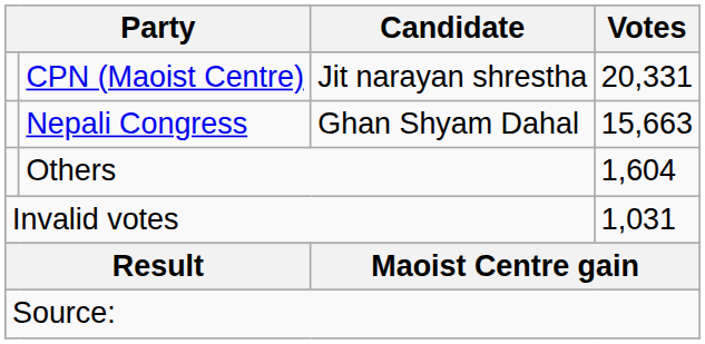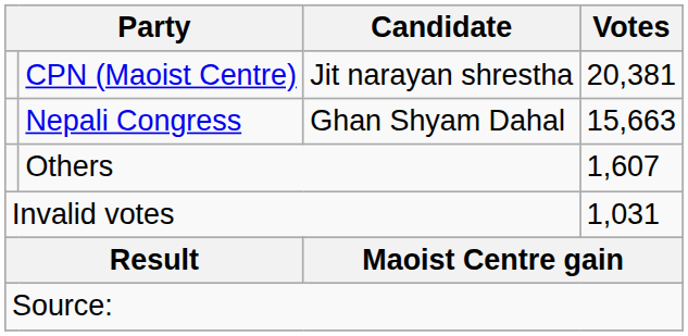 <table class="wikitable">
 <tr>
 <th colspan="2">Party</th>
 <th>Candidate</th>
 <th>Votes</th>
 </tr>
 <tr>
 <td style="background-color:"></td>
 <td><a href='#'>CPN (Maoist Centre)</a></td>
 <td>Jit narayan shrestha</td>
-<td>20,331</td>
+<td>20,381</td>
 </tr>
 <tr>
 <td style="background-color:"></td>
 <td><a href='#'>Nepali Congress</a></td>
 <td>Ghan Shyam Dahal</td>
 <td>15,663</td>
 </tr>
 <tr>
 <td></td>
 <td colspan="2">Others</td>
-<td>1,604</td>
+<td>1,607</td>
 </tr>
 <tr>
 <td colspan="3">Invalid votes</td>
 <td>1,031</td>
 </tr>
 <tr>
 <th colspan="2">Result</th>
 <th colspan="2">Maoist Centre gain</th>
 </tr>
 <tr>
 <td colspan="4">Source: </td>
 </tr>
 </table>
